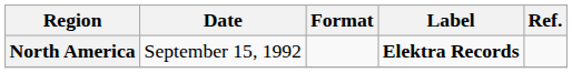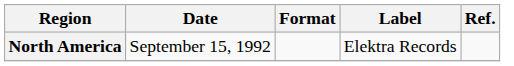 <table class="wikitable plainrowheaders">
 <tr>
 <th scope="col">Region</th>
 <th scope="col">Date</th>
 <th scope="col">Format</th>
 <th scope="col">Label</th>
 <th scope="col">Ref.</th>
 </tr>
 <tr>
 <th scope="row">North America</th>
 <td>September 15, 1992</td>
 <td></td>
-<td><strong>Elektra Records</strong></td>
+<td>Elektra Records</td>
 <td></td>
 </tr>
 <tr>
 </tr>
 </table>
